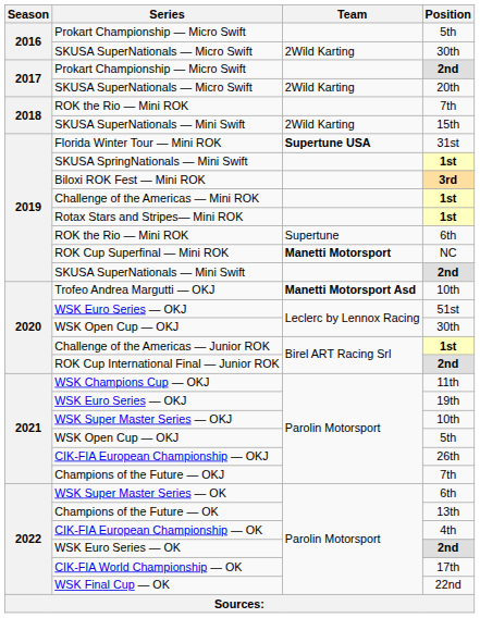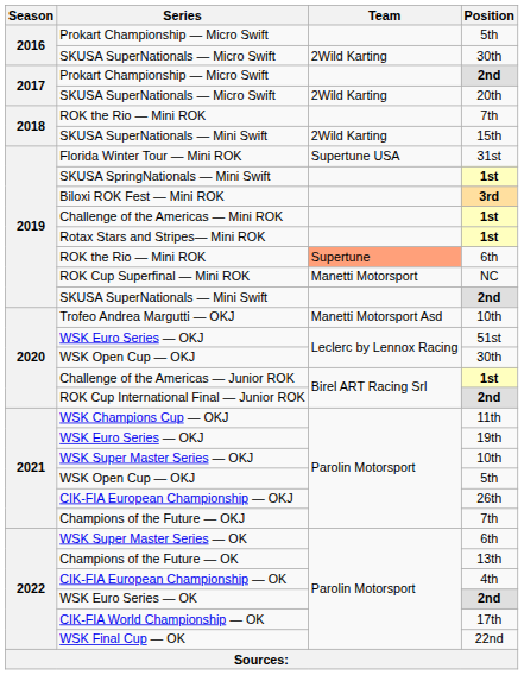 <table class="wikitable" style="font-size: 85%; text-align:center">
 <tr>
 <th>Season</th>
 <th>Series</th>
 <th>Team</th>
 <th>Position</th>
 </tr>
 <tr>
 <th rowspan="2">2016</th>
 <td align="left">Prokart Championship — Micro Swift</td>
 <td align="left"></td>
 <td>5th</td>
 </tr>
 <tr>
 <td align="left">SKUSA SuperNationals — Micro Swift</td>
 <td align="left">2Wild Karting</td>
 <td>30th</td>
 </tr>
 <tr>
 <th rowspan="2">2017</th>
 <td align="left">Prokart Championship — Micro Swift</td>
 <td align="left"></td>
 <td style="background:#DFDFDF;"><strong>2nd</strong></td>
 </tr>
 <tr>
 <td align="left">SKUSA SuperNationals — Micro Swift</td>
 <td align="left">2Wild Karting</td>
 <td>20th</td>
 </tr>
 <tr>
 <th rowspan="2">2018</th>
 <td align="left">ROK the Rio — Mini ROK</td>
 <td></td>
 <td>7th</td>
 </tr>
 <tr>
 <td align="left">SKUSA SuperNationals — Mini Swift</td>
 <td align="left">2Wild Karting</td>
 <td>15th</td>
 </tr>
 <tr>
 <th rowspan="8">2019</th>
 <td align="left">Florida Winter Tour — Mini ROK</td>
-<td align="left"><strong>Supertune USA</strong></td>
+<td align="left">Supertune USA</td>
 <td>31st</td>
 </tr>
 <tr>
 <td align="left">SKUSA SpringNationals — Mini Swift</td>
 <td></td>
 <td style="background:#FFFFBF;"><strong>1st</strong></td>
 </tr>
 <tr>
 <td align="left">Biloxi ROK Fest — Mini ROK</td>
 <td align="left"></td>
 <td style="background:#FFDF9F;"><strong>3rd</strong></td>
 </tr>
 <tr>
 <td align="left">Challenge of the Americas — Mini ROK</td>
 <td align="left"></td>
 <td style="background:#FFFFBF;"><strong>1st</strong></td>
 </tr>
 <tr>
 <td align="left">Rotax Stars and Stripes— Mini ROK</td>
 <td align="left"></td>
 <td style="background:#FFFFBF;"><strong>1st</strong></td>
 </tr>
 <tr>
 <td align="left">ROK the Rio — Mini ROK</td>
-<td align="left">Supertune</td>
+<td align="left" style="background: lightsalmon;">Supertune</td>
 <td>6th</td>
 </tr>
 <tr>
 <td align="left">ROK Cup Superfinal — Mini ROK</td>
-<td align="left"><strong>Manetti Motorsport</strong></td>
+<td align="left">Manetti Motorsport</td>
 <td>NC</td>
 </tr>
 <tr>
 <td align="left">SKUSA SuperNationals — Mini Swift</td>
 <td></td>
 <td style="background:#DFDFDF;"><strong>2nd</strong></td>
 </tr>
 <tr>
 <th rowspan="5">2020</th>
 <td align="left">Trofeo Andrea Margutti — OKJ</td>
-<td align="left"><strong>Manetti Motorsport Asd</strong></td>
+<td align="left">Manetti Motorsport Asd</td>
 <td>10th</td>
 </tr>
 <tr>
 <td align="left"><a href='#'>WSK Euro Series</a> — OKJ</td>
 <td rowspan="2" align="left">Leclerc by Lennox Racing</td>
 <td>51st</td>
 </tr>
 <tr>
 <td align="left">WSK Open Cup — OKJ</td>
 <td>30th</td>
 </tr>
 <tr>
 <td align="left">Challenge of the Americas — Junior ROK</td>
 <td rowspan="2" align="left">Birel ART Racing Srl</td>
 <td style="background:#FFFFBF;"><strong>1st</strong></td>
 </tr>
 <tr>
 <td align="left">ROK Cup International Final — Junior ROK</td>
 <td style="background:#DFDFDF;"><strong>2nd</strong></td>
 </tr>
 <tr>
 <th rowspan="6">2021</th>
 <td align="left"><a href='#'>WSK Champions Cup</a> — OKJ</td>
 <td rowspan="6" align="left">Parolin Motorsport</td>
 <td>11th</td>
 </tr>
 <tr>
 <td align="left"><a href='#'>WSK Euro Series</a> — OKJ</td>
 <td>19th</td>
 </tr>
 <tr>
 <td align="left"><a href='#'>WSK Super Master Series</a> — OKJ</td>
 <td>10th</td>
 </tr>
 <tr>
 <td align="left">WSK Open Cup — OKJ</td>
 <td>5th</td>
 </tr>
 <tr>
 <td align="left"><a href='#'>CIK-FIA European Championship</a> — OKJ</td>
 <td>26th</td>
 </tr>
 <tr>
 <td align="left">Champions of the Future — OKJ</td>
 <td>7th</td>
 </tr>
 <tr>
 <th rowspan="6">2022</th>
 <td align="left"><a href='#'>WSK Super Master Series</a> — OK</td>
 <td rowspan="6" align="left">Parolin Motorsport</td>
 <td>6th</td>
 </tr>
 <tr>
 <td align="left">Champions of the Future — OK</td>
 <td>13th</td>
 </tr>
 <tr>
 <td align="left"><a href='#'>CIK-FIA European Championship</a> — OK</td>
 <td>4th</td>
 </tr>
 <tr>
 <td align="left">WSK Euro Series — OK</td>
 <td style="background:#DFDFDF;"><strong>2nd</strong></td>
 </tr>
 <tr>
 <td align="left"><a href='#'>CIK-FIA World Championship</a> — OK</td>
 <td>17th</td>
 </tr>
 <tr>
 <td align="left"><a href='#'>WSK Final Cup</a> — OK</td>
 <td>22nd</td>
 </tr>
 <tr>
 <th colspan="4">Sources:</th>
 </tr>
 </table>
